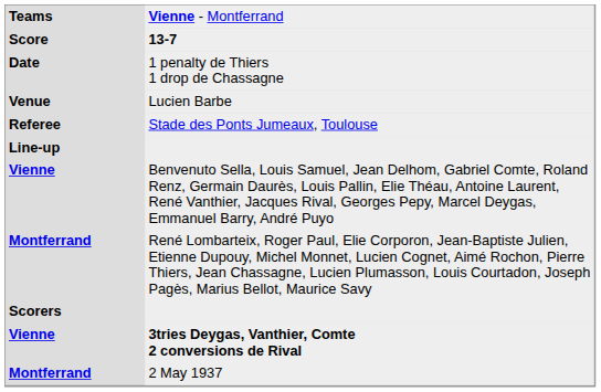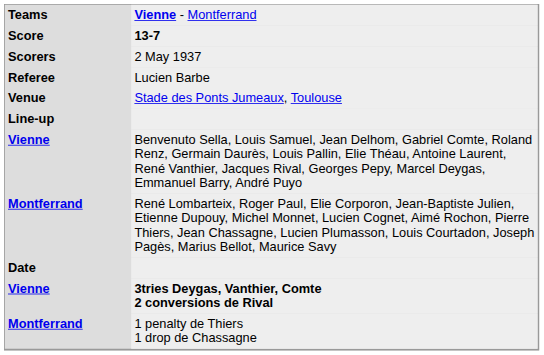 <table align="left" cellpadding="4" cellspacing="0"  style="margin: 0 0 0 0; border: 1px solid #999; border-right-width: 2px; border-bottom-width: 2px; background-color: #DDDDDD">
 <tr>
 <td width="150" valign="top"><strong>Teams</strong></td>
 <td width="500" bgcolor=#EEEEEE><strong><a href='#'>Vienne</a></strong> - <a href='#'>Montferrand</a></td>
 </tr>
 <tr>
 <td valign="top"><strong>Score</strong></td>
 <td bgcolor=#EEEEEE><strong>13-7</strong></td>
 </tr>
 <tr>
-<td valign="top"><strong>Date</strong></td>
-<td bgcolor=#EEEEEE>1 penalty de Thiers<br>1 drop de Chassagne</td>
+<td valign="top"><strong>Scorers</strong></td>
+<td bgcolor=#EEEEEE>2 May 1937</td>
+</tr>
+<tr>
+<td valign="top"><strong>Referee</strong></td>
+<td bgcolor=#EEEEEE>Lucien Barbe</td>
 </tr>
 <tr>
 <td valign="top"><strong>Venue</strong></td>
-<td bgcolor=#EEEEEE>Lucien Barbe</td>
-</tr>
-<tr>
-<td valign="top"><strong>Referee</strong></td>
 <td bgcolor=#EEEEEE><a href='#'>Stade des Ponts Jumeaux</a>, <a href='#'>Toulouse</a></td>
 </tr>
 <tr>
 <td valign="top"><strong>Line-up</strong></td>
 <td bgcolor=#EEEEEE></td>
 </tr>
 <tr>
 <td valign="top"><strong><a href='#'>Vienne</a> </strong></td>
 <td bgcolor=#EEEEEE>Benvenuto Sella, Louis Samuel, Jean Delhom, Gabriel Comte, Roland Renz, Germain Daurès, Louis Pallin, Elie Théau, Antoine Laurent, René Vanthier, Jacques Rival, Georges Pepy, Marcel Deygas, Emmanuel Barry, André Puyo</td>
 </tr>
 <tr>
 <td valign="top"><strong><a href='#'>Montferrand</a></strong></td>
 <td bgcolor=#EEEEEE>René Lombarteix, Roger Paul, Elie Corporon, Jean-Baptiste Julien, Etienne Dupouy, Michel Monnet, Lucien Cognet, Aimé Rochon, Pierre Thiers, Jean Chassagne, Lucien Plumasson, Louis Courtadon, Joseph Pagès, Marius Bellot, Maurice Savy</td>
 </tr>
 <tr>
-<td valign="top"><strong>Scorers</strong></td>
+<td valign="top"><strong>Date</strong></td>
 <td bgcolor=#EEEEEE></td>
 </tr>
 <tr>
 <td valign="top"><strong><a href='#'>Vienne</a> </strong></td>
 <td bgcolor=#EEEEEE><strong>3tries Deygas, Vanthier, Comte<br>2 conversions de Rival</strong></td>
 </tr>
 <tr>
 <td valign="top"><strong><a href='#'>Montferrand</a></strong></td>
-<td bgcolor=#EEEEEE>2 May 1937</td>
+<td bgcolor=#EEEEEE>1 penalty de Thiers<br>1 drop de Chassagne</td>
 </tr>
 </table>
